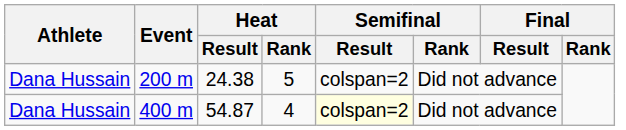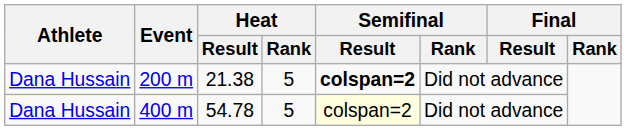 <table class="wikitable" style="font-size:90%">
 <tr>
 <th rowspan="2">Athlete</th>
 <th rowspan="2">Event</th>
 <th colspan="2">Heat</th>
 <th colspan="2">Semifinal</th>
 <th colspan="2">Final</th>
 </tr>
 <tr style="font-size:95%">
 <th>Result</th>
 <th>Rank</th>
 <th>Result</th>
 <th>Rank</th>
 <th>Result</th>
 <th>Rank</th>
 </tr>
 <tr align="center">
 <td align=left><a href='#'>Dana Hussain</a></td>
 <td align=left><a href='#'>200 m</a></td>
-<td>24.38</td>
+<td>21.38</td>
 <td>5</td>
-<td>colspan=2 </td>
+<td><strong>colspan=2 </strong></td>
 <td colspan="2">Did not advance</td>
 </tr>
 <tr align="center">
 <td align=left><a href='#'>Dana Hussain</a></td>
 <td align=left><a href='#'>400 m</a></td>
-<td>54.87</td>
-<td>4</td>
+<td>54.78</td>
+<td>5</td>
 <td style="background: lightyellow;">colspan=2 </td>
 <td colspan="2">Did not advance</td>
 </tr>
 </table>
